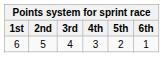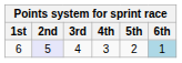 <table class="wikitable" style="font-size:95%; text-align:center">
 <tr>
 <th colspan="6">Points system for sprint race</th>
 </tr>
 <tr>
 <th> 1st </th>
 <th> 2nd </th>
 <th> 3rd </th>
 <th> 4th </th>
 <th> 5th </th>
 <th> 6th </th>
 </tr>
 <tr>
 <td>6</td>
-<td>5</td>
+<td style="background: lavender;">5</td>
 <td>4</td>
 <td>3</td>
 <td>2</td>
-<td>1</td>
+<td style="background: lightblue;">1</td>
 </tr>
 </table>
